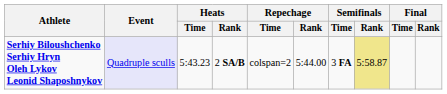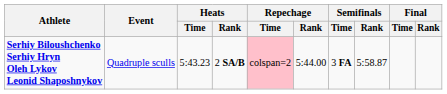 <table class="wikitable" style="font-size:90%;">
 <tr>
 <th rowspan="2">Athlete</th>
 <th rowspan="2">Event</th>
 <th colspan="2">Heats</th>
 <th colspan="2">Repechage</th>
 <th colspan="2">Semifinals</th>
 <th colspan="2">Final</th>
 </tr>
 <tr style="font-size:95%">
 <th>Time</th>
 <th>Rank</th>
 <th>Time</th>
 <th>Rank</th>
 <th>Time</th>
 <th>Rank</th>
 <th>Time</th>
 <th>Rank</th>
 </tr>
 <tr align=center>
 <td align=left><strong><a href='#'>Serhiy Biloushchenko</a><br><a href='#'>Serhiy Hryn</a><br><a href='#'>Oleh Lykov</a><br><a href='#'>Leonid Shaposhnykov</a></strong></td>
-<td align=left style="background: lavender;"><a href='#'>Quadruple sculls</a></td>
+<td align=left><a href='#'>Quadruple sculls</a></td>
 <td>5:43.23</td>
 <td>2 <strong>SA/B</strong></td>
-<td>colspan=2 </td>
+<td style="background: pink;">colspan=2 </td>
 <td>5:44.00</td>
 <td>3 <strong>FA</strong></td>
-<td style="background: khaki;">5:58.87</td>
+<td>5:58.87</td>
 <td></td>
 </tr>
 </table>
